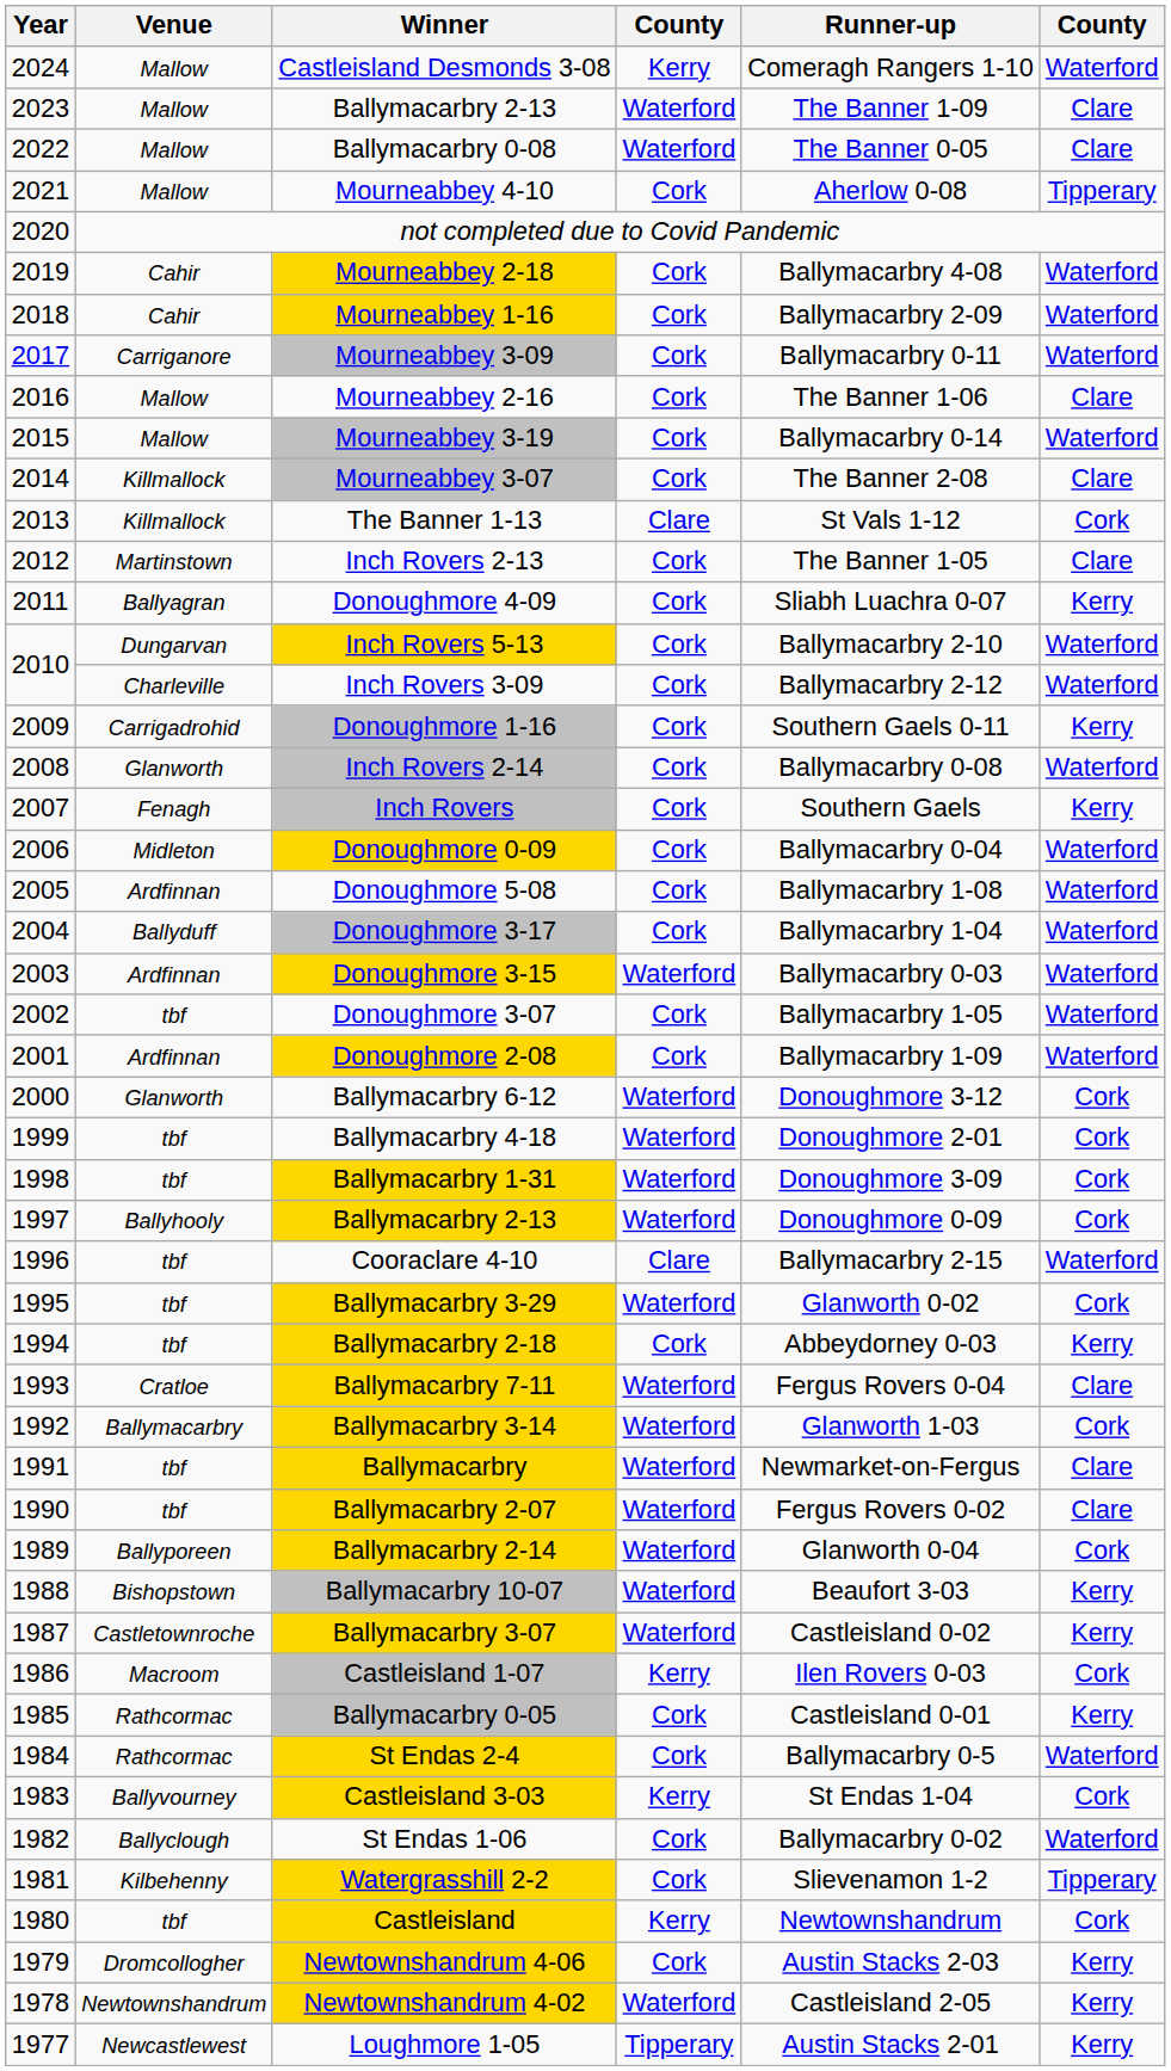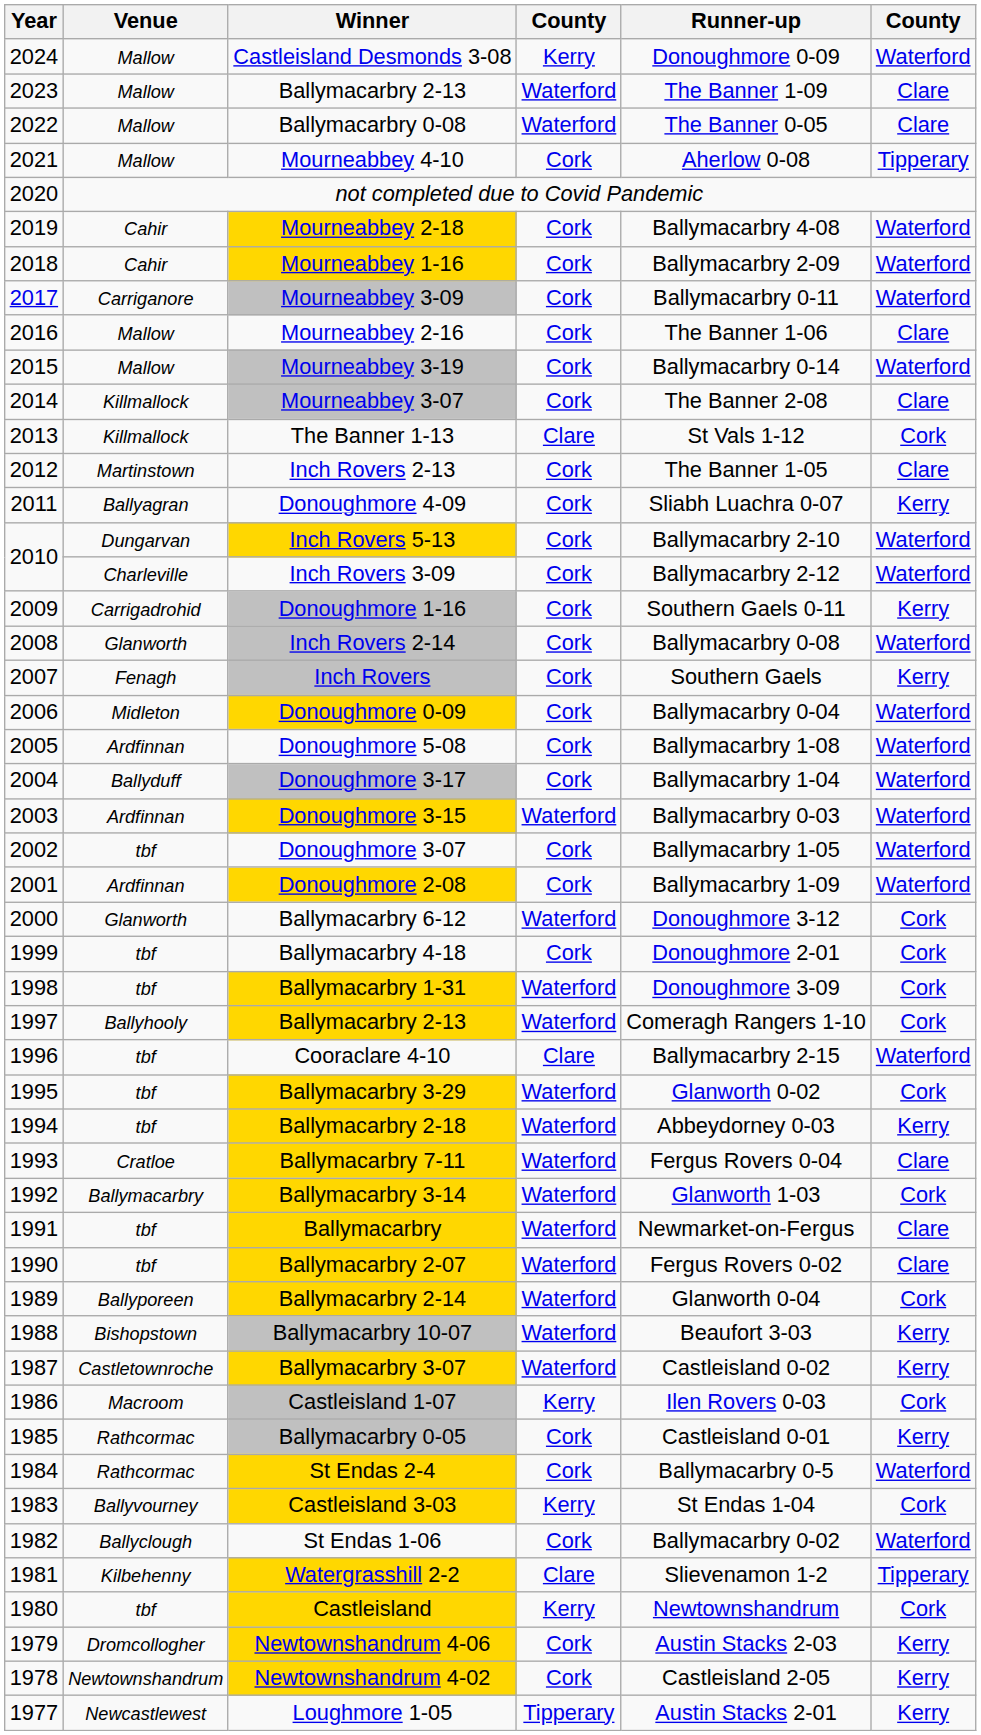 <table class="wikitable" style="text-align:center;">
 <tr>
 <th>Year</th>
 <th>Venue</th>
 <th>Winner</th>
 <th>County</th>
 <th>Runner-up</th>
 <th>County</th>
 </tr>
 <tr>
 <td>2024</td>
 <td><small><em>Mallow</em></small></td>
 <td><a href='#'>Castleisland Desmonds</a> 3-08</td>
 <td><a href='#'>Kerry</a></td>
-<td>Comeragh Rangers 1-10</td>
+<td><a href='#'>Donoughmore</a> 0-09</td>
 <td><a href='#'>Waterford</a></td>
 </tr>
 <tr>
 <td>2023</td>
 <td><small><em>Mallow</em></small></td>
 <td>Ballymacarbry 2-13</td>
 <td><a href='#'> Waterford</a></td>
 <td><a href='#'>The Banner</a> 1-09</td>
 <td><a href='#'>Clare</a></td>
 </tr>
 <tr>
 <td>2022</td>
 <td><small><em>Mallow</em></small></td>
 <td>Ballymacarbry 0-08</td>
 <td><a href='#'> Waterford</a></td>
 <td><a href='#'>The Banner</a> 0-05</td>
 <td><a href='#'>Clare</a></td>
 </tr>
 <tr>
 <td>2021</td>
 <td><small><em>Mallow</em></small></td>
 <td><a href='#'>Mourneabbey</a> 4-10</td>
 <td><a href='#'>Cork</a></td>
 <td><a href='#'>Aherlow</a> 0-08</td>
 <td><a href='#'>Tipperary</a></td>
 </tr>
 <tr>
 <td>2020</td>
 <td colspan ="5"><div><em>not completed due to Covid Pandemic</em>  </div></td>
 </tr>
 <tr>
 <td>2019</td>
 <td><small><em>Cahir</em></small></td>
 <td style="background-color:#FFD700"><a href='#'>Mourneabbey</a> 2-18</td>
 <td><a href='#'>Cork</a></td>
 <td>Ballymacarbry 4-08</td>
 <td><a href='#'>Waterford</a></td>
 </tr>
 <tr>
 <td>2018</td>
 <td><small><em>Cahir</em></small></td>
 <td style="background-color:#FFD700"><a href='#'>Mourneabbey</a> 1-16</td>
 <td><a href='#'>Cork</a></td>
 <td>Ballymacarbry 2-09</td>
 <td><a href='#'>Waterford</a></td>
 </tr>
 <tr>
 <td><a href='#'>2017</a></td>
 <td><small><em>Carriganore</em></small></td>
 <td style="background-color:#C0C0C0"><a href='#'>Mourneabbey</a> 3-09</td>
 <td><a href='#'>Cork</a></td>
 <td>Ballymacarbry 0-11</td>
 <td><a href='#'>Waterford</a></td>
 </tr>
 <tr>
 <td>2016</td>
 <td><small><em>Mallow</em></small></td>
 <td><a href='#'>Mourneabbey</a> 2-16</td>
 <td><a href='#'>Cork</a></td>
 <td>The Banner 1-06</td>
 <td><a href='#'>Clare</a></td>
 </tr>
 <tr>
 <td>2015</td>
 <td><small><em>Mallow</em></small></td>
 <td style="background-color:#C0C0C0"><a href='#'>Mourneabbey</a> 3-19</td>
 <td><a href='#'>Cork</a></td>
 <td>Ballymacarbry 0-14</td>
 <td><a href='#'>Waterford</a></td>
 </tr>
 <tr>
 <td>2014 </td>
 <td><small><em>Killmallock</em></small></td>
 <td style="background-color:#C0C0C0"><a href='#'>Mourneabbey</a> 3-07</td>
 <td><a href='#'>Cork</a></td>
 <td>The Banner 2-08</td>
 <td><a href='#'>Clare</a></td>
 </tr>
 <tr>
 <td>2013 </td>
 <td><small><em>Killmallock</em></small></td>
 <td>The Banner 1-13</td>
 <td><a href='#'>Clare</a></td>
 <td>St Vals 1-12</td>
 <td><a href='#'>Cork</a></td>
 </tr>
 <tr>
 <td>2012 </td>
 <td><small><em>Martinstown</em></small></td>
 <td><a href='#'>Inch Rovers</a> 2-13</td>
 <td><a href='#'>Cork</a></td>
 <td>The Banner 1-05</td>
 <td><a href='#'>Clare</a></td>
 </tr>
 <tr>
 <td>2011 </td>
 <td><small><em>Ballyagran</em></small></td>
 <td><a href='#'>Donoughmore</a> 4-09</td>
 <td><a href='#'>Cork</a></td>
 <td>Sliabh Luachra 0-07</td>
 <td><a href='#'>Kerry</a></td>
 </tr>
 <tr>
 <td rowspan="2">2010 <br></td>
 <td><small><em>Dungarvan</em></small></td>
 <td style="background-color:#FFD700"><a href='#'>Inch Rovers</a> 5-13</td>
 <td><a href='#'>Cork</a></td>
 <td>Ballymacarbry 2-10</td>
 <td><a href='#'>Waterford</a></td>
 </tr>
 <tr>
 <td><small><em>Charleville</em></small></td>
 <td><a href='#'>Inch Rovers</a> 3-09</td>
 <td><a href='#'>Cork</a></td>
 <td>Ballymacarbry 2-12</td>
 <td><a href='#'>Waterford</a></td>
 </tr>
 <tr>
 <td>2009 </td>
 <td><small><em>Carrigadrohid</em></small></td>
 <td style="background-color:#C0C0C0"><a href='#'>Donoughmore</a> 1-16</td>
 <td><a href='#'>Cork</a></td>
 <td>Southern Gaels 0-11</td>
 <td><a href='#'>Kerry</a></td>
 </tr>
 <tr>
 <td>2008 </td>
 <td><small><em>Glanworth</em></small></td>
 <td style="background-color:#C0C0C0"><a href='#'>Inch Rovers</a> 2-14</td>
 <td><a href='#'>Cork</a></td>
 <td>Ballymacarbry 0-08</td>
 <td><a href='#'>Waterford</a></td>
 </tr>
 <tr>
 <td>2007</td>
 <td><small><em>Fenagh</em></small></td>
 <td style="background-color:#C0C0C0"><a href='#'>Inch Rovers</a></td>
 <td><a href='#'>Cork</a></td>
 <td>Southern Gaels</td>
 <td><a href='#'>Kerry</a></td>
 </tr>
 <tr>
 <td>2006 </td>
 <td><small><em>Midleton</em></small></td>
 <td style="background-color:#FFD700"><a href='#'>Donoughmore</a> 0-09</td>
 <td><a href='#'>Cork</a></td>
 <td>Ballymacarbry 0-04</td>
 <td><a href='#'>Waterford</a></td>
 </tr>
 <tr>
 <td>2005 </td>
 <td><small><em>Ardfinnan</em></small></td>
 <td><a href='#'>Donoughmore</a> 5-08</td>
 <td><a href='#'>Cork</a></td>
 <td>Ballymacarbry 1-08</td>
 <td><a href='#'>Waterford</a></td>
 </tr>
 <tr>
 <td>2004 </td>
 <td><small><em>Ballyduff</em></small></td>
 <td style="background-color:#C0C0C0"><a href='#'>Donoughmore</a> 3-17</td>
 <td><a href='#'>Cork</a></td>
 <td>Ballymacarbry 1-04</td>
 <td><a href='#'>Waterford</a></td>
 </tr>
 <tr>
 <td>2003 </td>
 <td><small><em>Ardfinnan</em></small></td>
 <td style="background-color:#FFD700"><a href='#'>Donoughmore</a> 3-15</td>
 <td><a href='#'>Waterford</a></td>
 <td>Ballymacarbry 0-03</td>
 <td><a href='#'>Waterford</a></td>
 </tr>
 <tr>
 <td>2002 </td>
 <td><small><em>tbf</em></small></td>
 <td><a href='#'>Donoughmore</a> 3-07</td>
 <td><a href='#'>Cork</a></td>
 <td>Ballymacarbry 1-05</td>
 <td><a href='#'>Waterford</a></td>
 </tr>
 <tr>
 <td>2001 </td>
 <td><small><em>Ardfinnan</em></small></td>
 <td style="background-color:#FFD700"><a href='#'>Donoughmore</a> 2-08</td>
 <td><a href='#'>Cork</a></td>
 <td>Ballymacarbry 1-09</td>
 <td><a href='#'>Waterford</a></td>
 </tr>
 <tr>
 <td>2000 </td>
 <td><small><em>Glanworth</em></small></td>
 <td>Ballymacarbry 6-12</td>
 <td><a href='#'>Waterford</a></td>
 <td><a href='#'>Donoughmore</a> 3-12</td>
 <td><a href='#'>Cork</a></td>
 </tr>
 <tr>
 <td>1999 </td>
 <td><small><em>tbf</em></small></td>
 <td>Ballymacarbry 4-18</td>
-<td><a href='#'>Waterford</a></td>
+<td><a href='#'>Cork</a></td>
 <td><a href='#'>Donoughmore</a> 2-01</td>
 <td><a href='#'>Cork</a></td>
 </tr>
 <tr>
 <td>1998 </td>
 <td><small><em>tbf</em></small></td>
 <td style="background-color:#FFD700">Ballymacarbry 1-31</td>
 <td><a href='#'>Waterford</a></td>
 <td><a href='#'>Donoughmore</a> 3-09</td>
 <td><a href='#'>Cork</a></td>
 </tr>
 <tr>
 <td>1997 </td>
 <td><small><em>Ballyhooly</em></small></td>
 <td style="background-color:#FFD700">Ballymacarbry 2-13</td>
 <td><a href='#'>Waterford</a></td>
-<td><a href='#'>Donoughmore</a> 0-09</td>
+<td>Comeragh Rangers 1-10</td>
 <td><a href='#'>Cork</a></td>
 </tr>
 <tr>
 <td>1996 </td>
 <td><small><em>tbf</em></small></td>
 <td>Cooraclare 4-10</td>
 <td><a href='#'>Clare</a></td>
 <td>Ballymacarbry 2-15</td>
 <td><a href='#'>Waterford</a></td>
 </tr>
 <tr>
 <td>1995 </td>
 <td><small><em>tbf</em></small></td>
 <td style="background-color:#FFD700">Ballymacarbry 3-29</td>
 <td><a href='#'>Waterford</a></td>
 <td><a href='#'>Glanworth</a> 0-02</td>
 <td><a href='#'>Cork</a></td>
 </tr>
 <tr>
 <td>1994 </td>
 <td><small><em>tbf</em></small></td>
 <td style="background-color:#FFD700">Ballymacarbry 2-18</td>
-<td><a href='#'>Cork</a></td>
+<td><a href='#'>Waterford</a></td>
 <td>Abbeydorney 0-03</td>
 <td><a href='#'>Kerry</a></td>
 </tr>
 <tr>
 <td>1993 </td>
 <td><small><em>Cratloe</em></small></td>
 <td style="background-color:#FFD700">Ballymacarbry 7-11</td>
 <td><a href='#'>Waterford</a></td>
 <td>Fergus Rovers 0-04</td>
 <td><a href='#'>Clare</a></td>
 </tr>
 <tr>
 <td>1992 </td>
 <td><small><em>Ballymacarbry</em></small></td>
 <td style="background-color:#FFD700">Ballymacarbry 3-14</td>
 <td><a href='#'>Waterford</a></td>
 <td><a href='#'>Glanworth</a> 1-03</td>
 <td><a href='#'>Cork</a></td>
 </tr>
 <tr>
 <td>1991</td>
 <td><small><em>tbf</em></small></td>
 <td style="background-color:#FFD700">Ballymacarbry</td>
 <td><a href='#'>Waterford</a></td>
 <td>Newmarket-on-Fergus</td>
 <td><a href='#'>Clare</a></td>
 </tr>
 <tr>
 <td>1990 </td>
 <td><small><em>tbf</em></small></td>
 <td style="background-color:#FFD700">Ballymacarbry 2-07</td>
 <td><a href='#'>Waterford</a></td>
 <td>Fergus Rovers 0-02</td>
 <td><a href='#'>Clare</a></td>
 </tr>
 <tr>
 <td>1989 </td>
 <td><small><em>Ballyporeen</em></small></td>
 <td style="background-color:#FFD700">Ballymacarbry 2-14</td>
 <td><a href='#'>Waterford</a></td>
 <td>Glanworth 0-04</td>
 <td><a href='#'>Cork</a></td>
 </tr>
 <tr>
 <td>1988 </td>
 <td><small><em>Bishopstown</em></small></td>
 <td style="background-color:#C0C0C0">Ballymacarbry 10-07</td>
 <td><a href='#'>Waterford</a></td>
 <td>Beaufort 3-03</td>
 <td><a href='#'>Kerry</a></td>
 </tr>
 <tr>
 <td>1987 </td>
 <td><small><em>Castletownroche</em></small></td>
 <td style="background-color:#FFD700">Ballymacarbry 3-07</td>
 <td><a href='#'>Waterford</a></td>
 <td>Castleisland 0-02</td>
 <td><a href='#'>Kerry</a></td>
 </tr>
 <tr>
 <td>1986 </td>
 <td><small><em>Macroom</em></small></td>
 <td style="background-color:#C0C0C0">Castleisland 1-07</td>
 <td><a href='#'>Kerry</a></td>
 <td><a href='#'>Ilen Rovers</a> 0-03</td>
 <td><a href='#'>Cork</a></td>
 </tr>
 <tr>
 <td>1985 </td>
 <td><small><em>Rathcormac</em></small></td>
 <td style="background-color:#C0C0C0">Ballymacarbry 0-05</td>
 <td><a href='#'>Cork</a></td>
 <td>Castleisland 0-01</td>
 <td><a href='#'>Kerry</a></td>
 </tr>
 <tr>
 <td>1984 </td>
 <td><small><em>Rathcormac</em></small></td>
 <td style="background-color:#FFD700">St Endas 2-4</td>
 <td><a href='#'>Cork</a></td>
 <td>Ballymacarbry 0-5</td>
 <td><a href='#'>Waterford</a></td>
 </tr>
 <tr>
 <td>1983 </td>
 <td><small><em>Ballyvourney</em></small></td>
 <td style="background-color:#FFD700">Castleisland 3-03</td>
 <td><a href='#'>Kerry</a></td>
 <td>St Endas 1-04</td>
 <td><a href='#'>Cork</a></td>
 </tr>
 <tr>
 <td>1982 </td>
 <td><small><em>Ballyclough</em></small></td>
 <td>St Endas 1-06</td>
 <td><a href='#'>Cork</a></td>
 <td>Ballymacarbry 0-02</td>
 <td><a href='#'>Waterford</a></td>
 </tr>
 <tr>
 <td>1981 </td>
 <td><small><em>Kilbehenny</em></small></td>
 <td style="background-color:#FFD700"><a href='#'>Watergrasshill</a> 2-2</td>
-<td><a href='#'>Cork</a></td>
+<td><a href='#'>Clare</a></td>
 <td>Slievenamon 1-2</td>
 <td><a href='#'>Tipperary</a></td>
 </tr>
 <tr>
 <td>1980</td>
 <td><small><em>tbf</em></small></td>
 <td style="background-color:#FFD700">Castleisland</td>
 <td><a href='#'>Kerry</a></td>
 <td><a href='#'>Newtownshandrum</a></td>
 <td><a href='#'>Cork</a></td>
 </tr>
 <tr>
 <td>1979 </td>
 <td><small><em>Dromcollogher</em></small></td>
 <td style="background-color:#FFD700"><a href='#'>Newtownshandrum</a> 4-06</td>
 <td><a href='#'>Cork</a></td>
 <td><a href='#'>Austin Stacks</a> 2-03</td>
 <td><a href='#'>Kerry</a></td>
 </tr>
 <tr>
 <td>1978 </td>
 <td><small><em>Newtownshandrum</em></small></td>
 <td style="background-color:#FFD700"><a href='#'>Newtownshandrum</a> 4-02</td>
-<td><a href='#'>Waterford</a></td>
+<td><a href='#'>Cork</a></td>
 <td>Castleisland 2-05</td>
 <td><a href='#'>Kerry</a></td>
 </tr>
 <tr>
 <td>1977 </td>
 <td><small><em>Newcastlewest</em></small></td>
 <td><a href='#'>Loughmore</a> 1-05</td>
 <td><a href='#'>Tipperary</a></td>
 <td><a href='#'>Austin Stacks</a> 2-01</td>
 <td><a href='#'>Kerry</a></td>
 </tr>
 </table>
